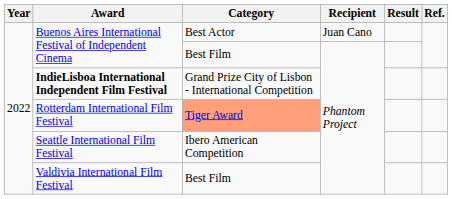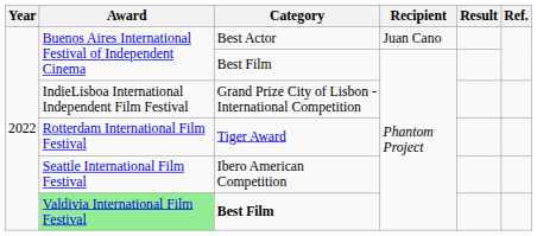 <table class="wikitable">
 <tr>
 <th>Year</th>
 <th>Award</th>
 <th>Category</th>
 <th>Recipient</th>
 <th>Result</th>
 <th>Ref.</th>
 </tr>
 <tr>
 <td rowspan="6">2022</td>
 <td rowspan="2"><a href='#'>Buenos Aires International Festival of Independent Cinema</a></td>
 <td>Best Actor</td>
 <td>Juan Cano</td>
 <td></td>
 <td rowspan="2"></td>
 </tr>
 <tr>
 <td>Best Film</td>
 <td rowspan="5"><em>Phantom Project</em></td>
 <td></td>
 </tr>
 <tr>
-<td><strong>IndieLisboa International Independent Film Festival</strong></td>
+<td>IndieLisboa International Independent Film Festival</td>
 <td>Grand Prize City of Lisbon - International Competition</td>
 <td></td>
 <td></td>
 </tr>
 <tr>
 <td><a href='#'>Rotterdam International Film Festival</a></td>
-<td style="background: lightsalmon;"><a href='#'>Tiger Award</a></td>
+<td><a href='#'>Tiger Award</a></td>
 <td></td>
 <td></td>
 </tr>
 <tr>
 <td><a href='#'>Seattle International Film Festival</a></td>
 <td>Ibero American Competition</td>
 <td></td>
 <td></td>
 </tr>
 <tr>
-<td><a href='#'>Valdivia International Film Festival</a></td>
-<td>Best Film</td>
+<td style="background: lightgreen;"><a href='#'>Valdivia International Film Festival</a></td>
+<td><strong>Best Film</strong></td>
 <td></td>
 <td></td>
 </tr>
 </table>
